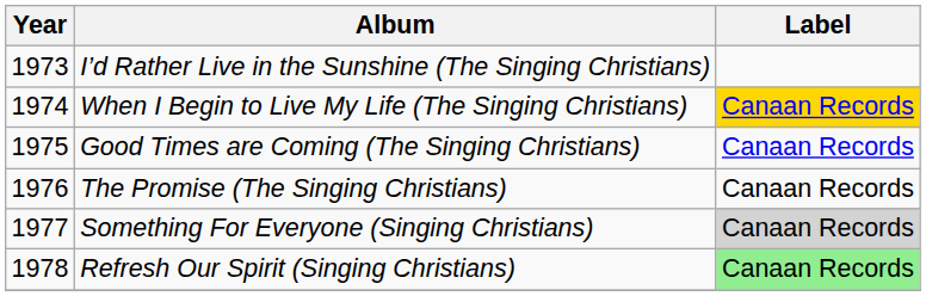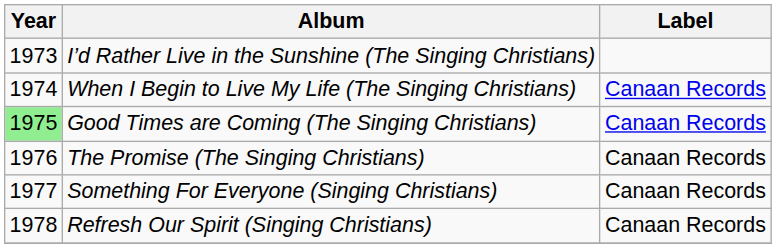 <table class="wikitable">
 <tr>
 <th>Year</th>
 <th>Album</th>
 <th>Label</th>
 </tr>
 <tr>
 <td>1973</td>
 <td><em>I’d Rather Live in the Sunshine  (The Singing Christians)</em></td>
 <td></td>
 </tr>
 <tr>
 <td>1974</td>
 <td><em>When I Begin to Live My Life (The Singing Christians)</em></td>
-<td style="background: gold;"><a href='#'>Canaan Records</a></td>
+<td><a href='#'>Canaan Records</a></td>
 </tr>
 <tr>
-<td>1975</td>
+<td style="background: lightgreen;">1975</td>
 <td><em>Good Times are Coming (The Singing Christians)</em></td>
 <td><a href='#'>Canaan Records</a></td>
 </tr>
 <tr>
 <td>1976</td>
 <td><em>The Promise (The Singing Christians)</em></td>
 <td>Canaan Records</td>
 </tr>
 <tr>
 <td>1977</td>
 <td><em>Something For Everyone (Singing Christians)</em></td>
-<td style="background: lightgrey;">Canaan Records</td>
+<td>Canaan Records</td>
 </tr>
 <tr>
 <td>1978</td>
 <td><em>Refresh Our Spirit (Singing Christians)</em></td>
-<td style="background: lightgreen;">Canaan Records</td>
+<td>Canaan Records</td>
 </tr>
 <tr>
 </tr>
 </table>
